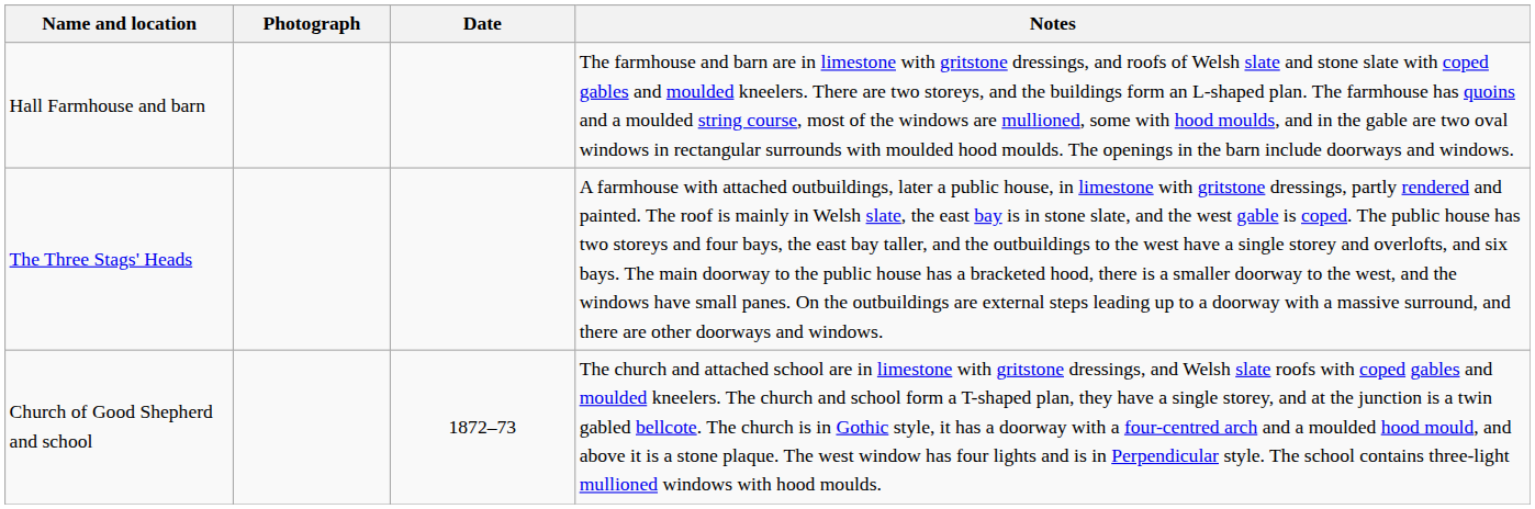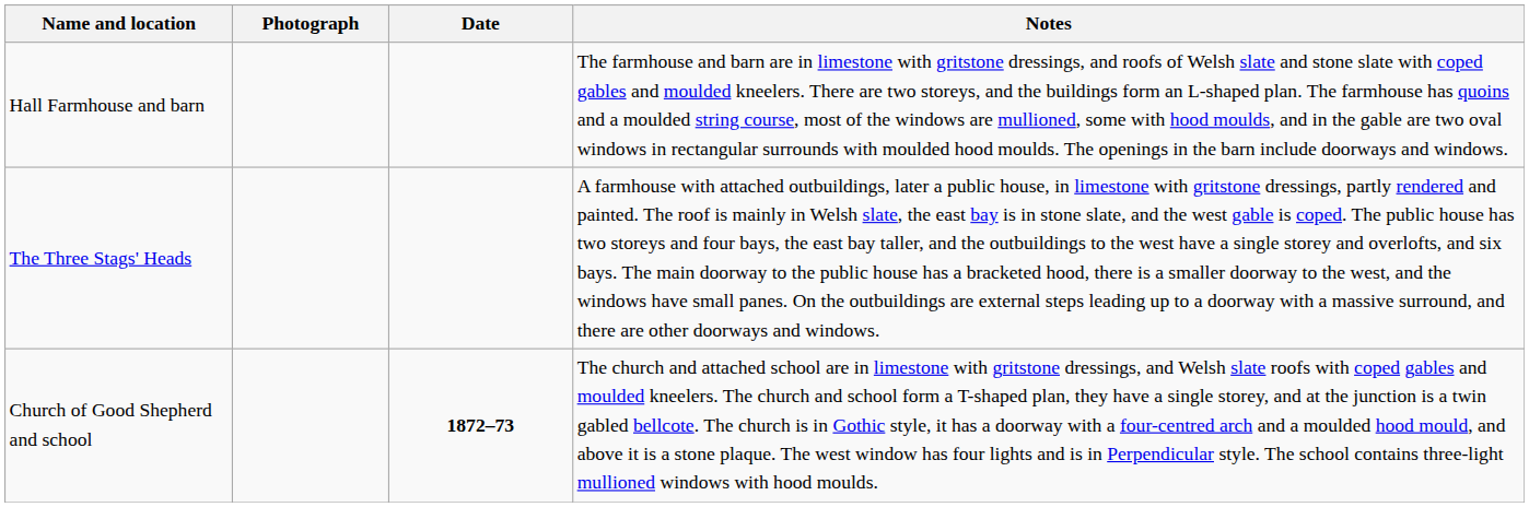 <table class="wikitable sortable plainrowheaders" style="width:100%;border:0px;text-align:left;line-height:150%;">
 <tr>
 <th scope="col"  style="width:150px">Name and location</th>
 <th scope="col"  style="width:100px" class="unsortable">Photograph</th>
 <th scope="col"  style="width:120px">Date</th>
 <th scope="col"  style="width:650px" class="unsortable">Notes</th>
 </tr>
 <tr>
 <td>Hall Farmhouse and barn<br><small></small></td>
 <td></td>
 <td align="center"></td>
 <td>The farmhouse and barn are in <a href='#'>limestone</a> with <a href='#'>gritstone</a> dressings, and roofs of Welsh <a href='#'>slate</a> and stone slate with <a href='#'>coped</a> <a href='#'>gables</a> and <a href='#'>moulded</a> kneelers.  There are two storeys, and the buildings form an L-shaped plan.  The farmhouse has <a href='#'>quoins</a> and a moulded <a href='#'>string course</a>, most of the windows are <a href='#'>mullioned</a>, some with <a href='#'>hood moulds</a>, and in the gable are two oval windows in rectangular surrounds with moulded hood moulds.  The openings in the barn include doorways and windows.</td>
 </tr>
 <tr>
 <td><a href='#'>The Three Stags' Heads</a><br><small></small></td>
 <td></td>
 <td align="center"></td>
 <td>A farmhouse with attached outbuildings, later a public house, in <a href='#'>limestone</a> with <a href='#'>gritstone</a> dressings, partly <a href='#'>rendered</a> and painted.  The roof is mainly in Welsh <a href='#'>slate</a>, the east <a href='#'>bay</a> is in stone slate, and the west <a href='#'>gable</a> is <a href='#'>coped</a>.  The public house has two storeys and four bays, the east bay taller, and the outbuildings to the west have a single storey and overlofts, and six bays.  The main doorway to the public house has a bracketed hood, there is a smaller doorway to the west, and the windows have small panes.  On the outbuildings are external steps leading up to a doorway with a massive surround, and there are other doorways and windows.</td>
 </tr>
 <tr>
 <td>Church of Good Shepherd and school<br><small></small></td>
 <td></td>
-<td align="center">1872–73</td>
+<td align="center"><strong>1872–73</strong></td>
 <td>The church and attached school are in <a href='#'>limestone</a> with <a href='#'>gritstone</a> dressings, and Welsh <a href='#'>slate</a> roofs with <a href='#'>coped</a> <a href='#'>gables</a> and <a href='#'>moulded</a> kneelers.  The church and school form a T-shaped plan, they have a single storey, and at the junction is a twin gabled <a href='#'>bellcote</a>.  The church is in <a href='#'>Gothic</a> style, it has a doorway with a <a href='#'>four-centred arch</a> and a moulded <a href='#'>hood mould</a>, and above it is a stone plaque.  The west window has four lights and is in <a href='#'>Perpendicular</a> style.  The school contains three-light <a href='#'>mullioned</a> windows with hood moulds.</td>
 </tr>
 <tr>
 </tr>
 </table>
